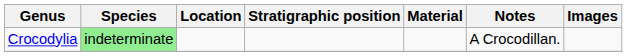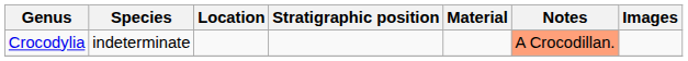 <table class="wikitable" align="center">
 <tr>
 <th>Genus</th>
 <th>Species</th>
 <th>Location</th>
 <th>Stratigraphic position</th>
 <th>Material</th>
 <th>Notes</th>
 <th>Images</th>
 </tr>
 <tr>
 <td><a href='#'>Crocodylia</a></td>
-<td style="background: lightgreen;">indeterminate</td>
+<td>indeterminate</td>
 <td></td>
 <td></td>
 <td></td>
-<td>A Crocodillan.</td>
+<td style="background: lightsalmon;">A Crocodillan.</td>
 <td></td>
 </tr>
 <tr>
 </tr>
 </table>
